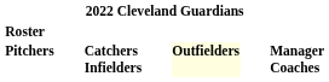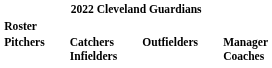 <table class="toccolours" style="font-size: 95%;">
 <tr>
 <th colspan="10">2022 Cleveland Guardians</th>
 </tr>
 <tr>
 <td colspan="10"><strong>Roster</strong></td>
 </tr>
 <tr>
 <td valign="top"><strong>Pitchers</strong><br>                        </td>
 <td width="25px"></td>
 <td valign="top"><strong>Catchers</strong><br>     <strong>Infielders</strong>          </td>
 <td width="25px"></td>
-<td valign="top" style="background: lightyellow;"><strong>Outfielders</strong><br>         </td>
+<td valign="top"><strong>Outfielders</strong><br>         </td>
 <td width="25px"></td>
 <td valign="top"><strong>Manager</strong><br> <strong>Coaches</strong>                          </td>
 </tr>
 </table>
